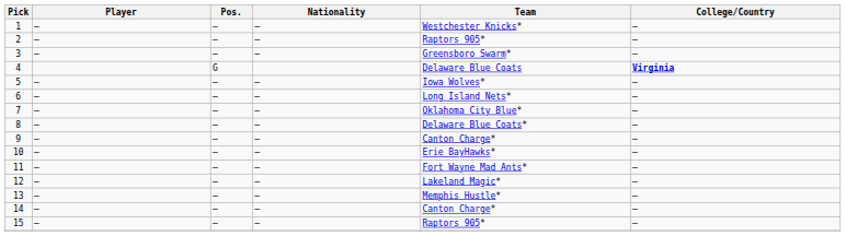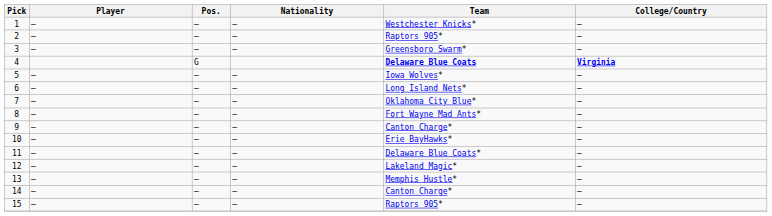 <table class="wikitable sortable">
 <tr>
 <th width="1%">Pick</th>
 <th width="17%">Player</th>
 <th width="4%">Pos.</th>
 <th width="16%">Nationality</th>
 <th width="20%" class="unsortable">Team</th>
 <th width="20%">College/Country</th>
 </tr>
 <tr>
 <td align=center>1</td>
 <td>—</td>
 <td>—</td>
 <td>—</td>
 <td><a href='#'>Westchester Knicks</a>*</td>
 <td>—</td>
 </tr>
 <tr>
 <td align=center>2</td>
 <td>—</td>
 <td>—</td>
 <td>—</td>
 <td><a href='#'>Raptors 905</a>*</td>
 <td>—</td>
 </tr>
 <tr>
 <td align=center>3</td>
 <td>—</td>
 <td>—</td>
 <td>—</td>
 <td><a href='#'>Greensboro Swarm</a>*</td>
 <td>—</td>
 </tr>
 <tr>
 <td align=center>4</td>
 <td></td>
 <td>G</td>
 <td></td>
-<td><a href='#'>Delaware Blue Coats</a></td>
+<td><strong><a href='#'>Delaware Blue Coats</a></strong></td>
 <td><strong><a href='#'>Virginia</a></strong></td>
 </tr>
 <tr>
 <td align=center>5</td>
 <td>—</td>
 <td>—</td>
 <td>—</td>
 <td><a href='#'>Iowa Wolves</a>*</td>
 <td>—</td>
 </tr>
 <tr>
 <td align=center>6</td>
 <td>—</td>
 <td>—</td>
 <td>—</td>
 <td><a href='#'>Long Island Nets</a>*</td>
 <td>—</td>
 </tr>
 <tr>
 <td align=center>7</td>
 <td>—</td>
 <td>—</td>
 <td>—</td>
 <td><a href='#'>Oklahoma City Blue</a>*</td>
 <td>—</td>
 </tr>
 <tr>
 <td align=center>8</td>
 <td>—</td>
 <td>—</td>
 <td>—</td>
-<td><a href='#'>Delaware Blue Coats</a>*</td>
+<td><a href='#'>Fort Wayne Mad Ants</a>*</td>
 <td>—</td>
 </tr>
 <tr>
 <td align=center>9</td>
 <td>—</td>
 <td>—</td>
 <td>—</td>
 <td><a href='#'>Canton Charge</a>*</td>
 <td>—</td>
 </tr>
 <tr>
 <td align=center>10</td>
 <td>—</td>
 <td>—</td>
 <td>—</td>
 <td><a href='#'>Erie BayHawks</a>*</td>
 <td>—</td>
 </tr>
 <tr>
 <td align=center>11</td>
 <td>—</td>
 <td>—</td>
 <td>—</td>
-<td><a href='#'>Fort Wayne Mad Ants</a>*</td>
+<td><a href='#'>Delaware Blue Coats</a>*</td>
 <td>—</td>
 </tr>
 <tr>
 <td align=center>12</td>
 <td>—</td>
 <td>—</td>
 <td>—</td>
 <td><a href='#'>Lakeland Magic</a>*</td>
 <td>—</td>
 </tr>
 <tr>
 <td align=center>13</td>
 <td>—</td>
 <td>—</td>
 <td>—</td>
 <td><a href='#'>Memphis Hustle</a>*</td>
 <td>—</td>
 </tr>
 <tr>
 <td align=center>14</td>
 <td>—</td>
 <td>—</td>
 <td>—</td>
 <td><a href='#'>Canton Charge</a>*</td>
 <td>—</td>
 </tr>
 <tr>
 <td align=center>15</td>
 <td>—</td>
 <td>—</td>
 <td>—</td>
 <td><a href='#'>Raptors 905</a>*</td>
 <td>—</td>
 </tr>
 <tr>
 </tr>
 </table>
